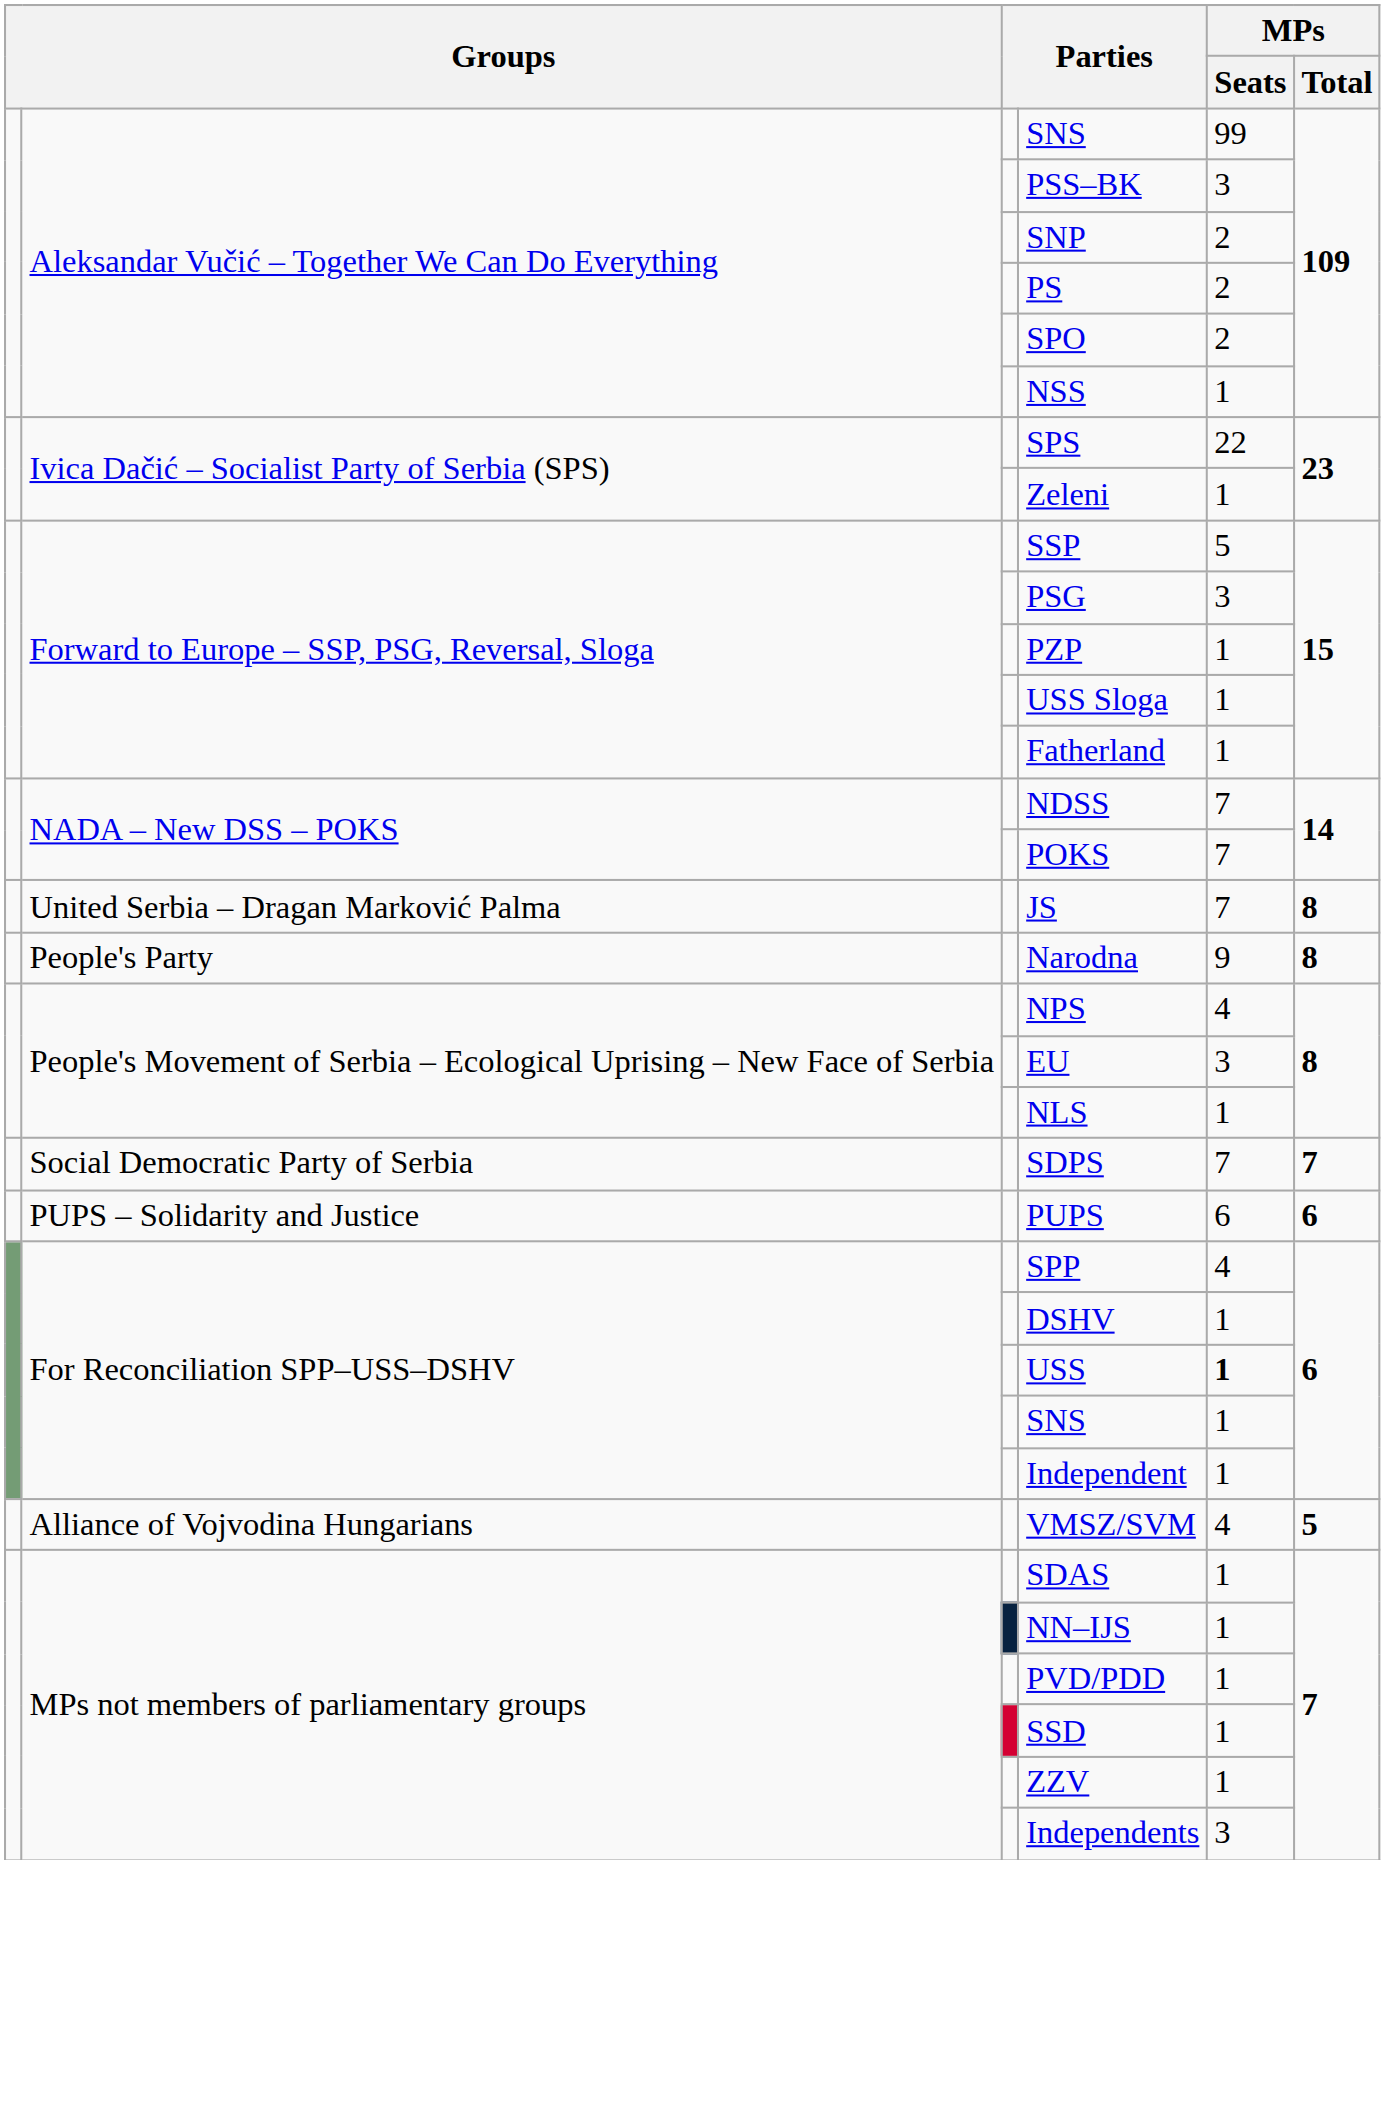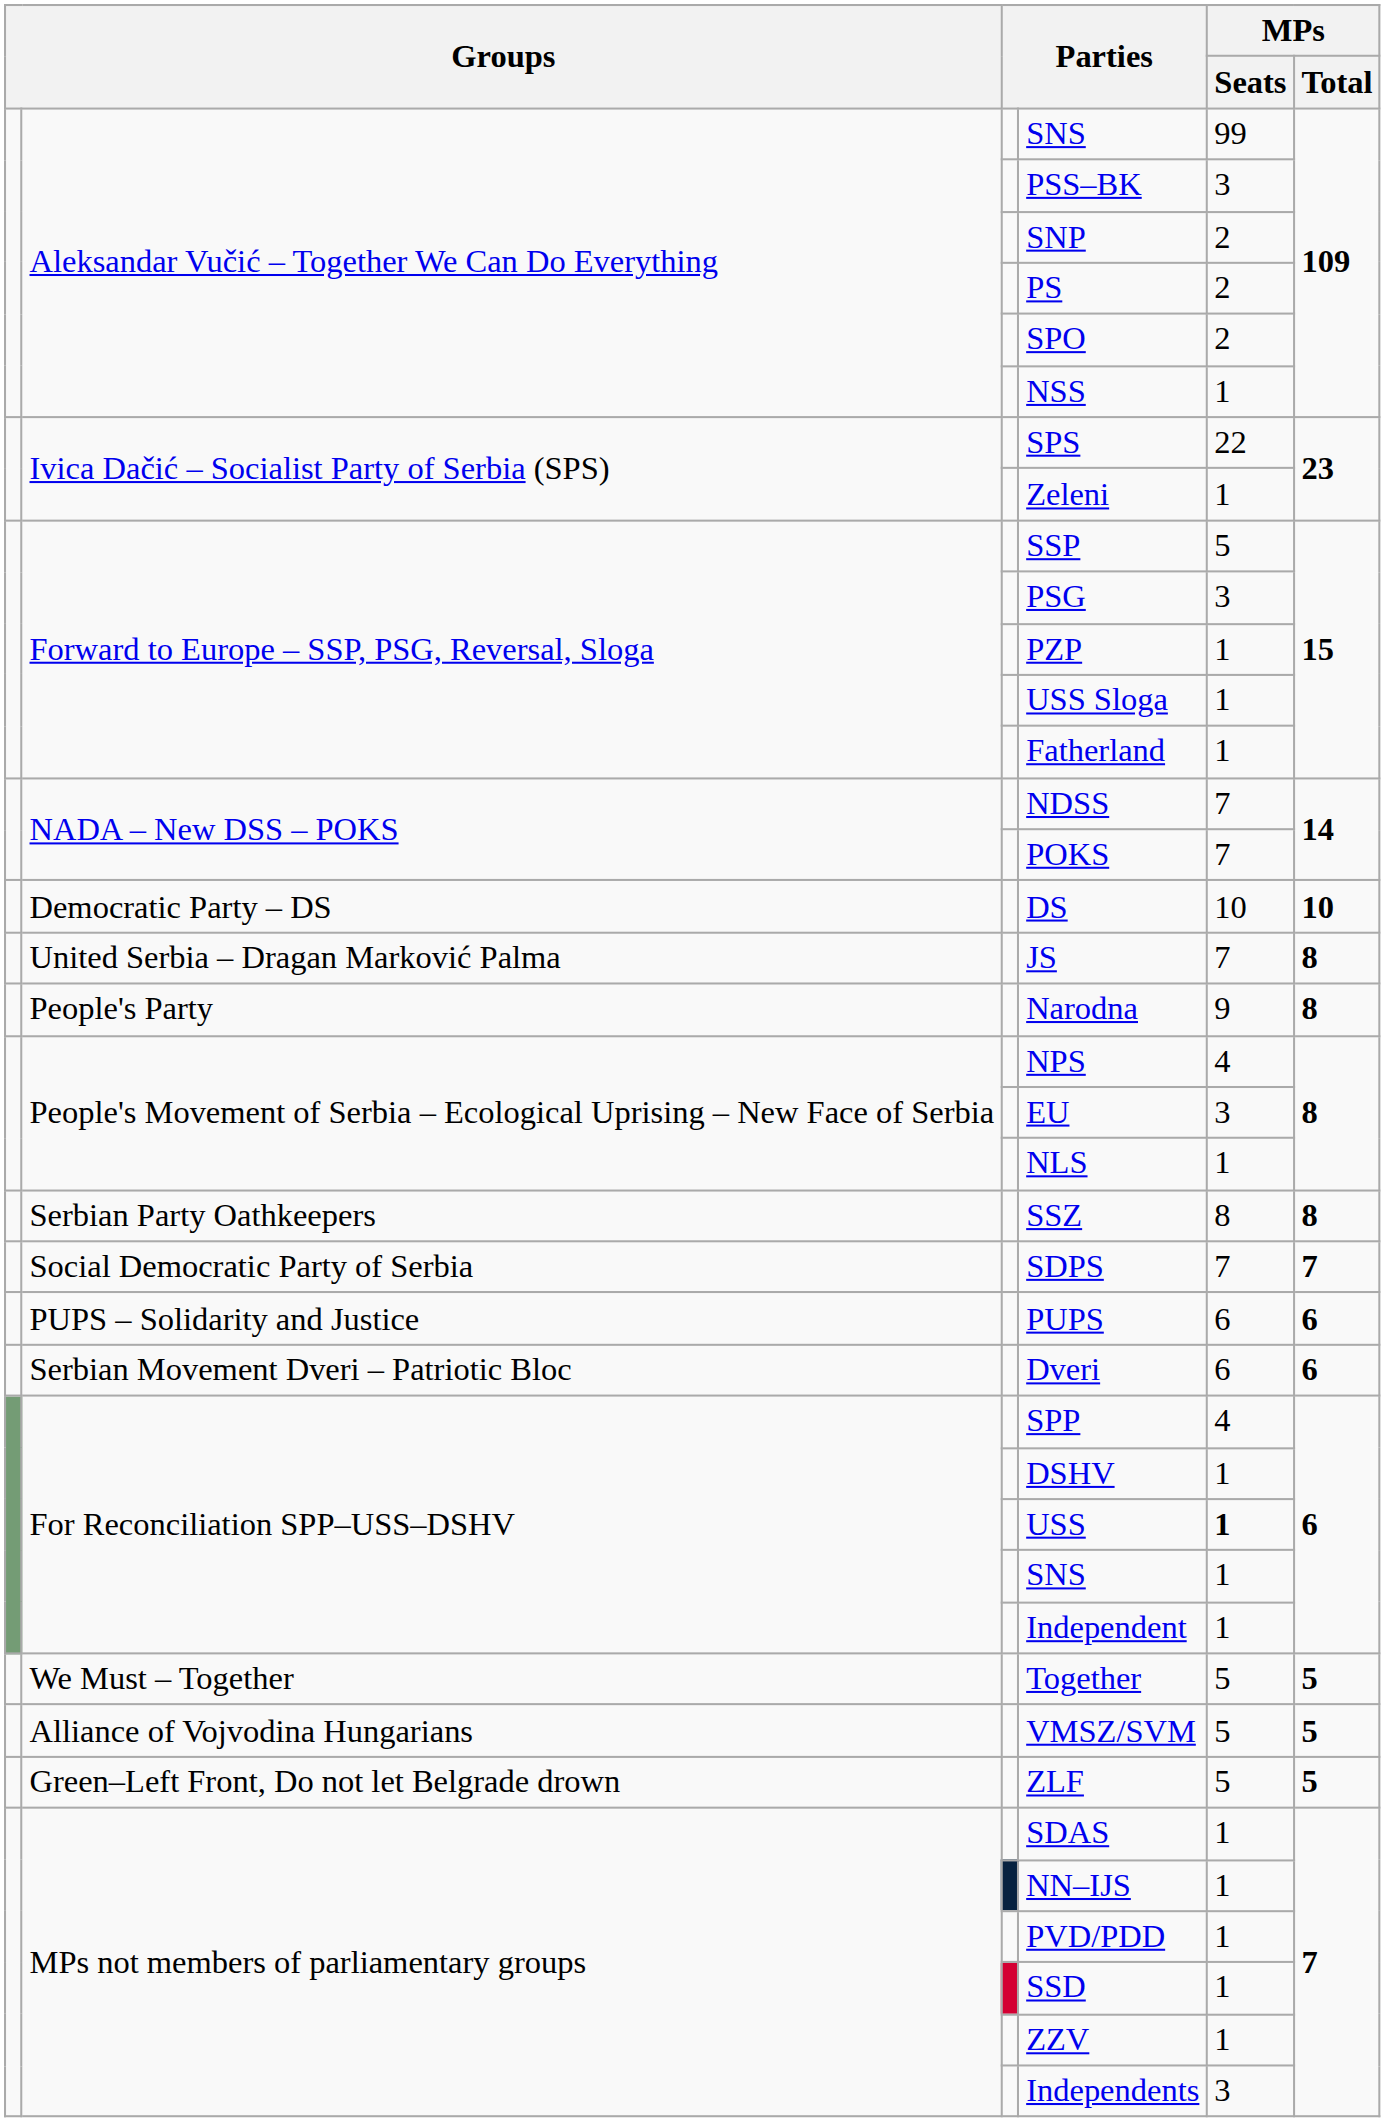 <table class="wikitable" style="text-align:left">
 <tr>
 <th rowspan="2" colspan="2">Groups</th>
 <th rowspan="2" colspan="2">Parties</th>
 <th colspan="2">MPs</th>
 </tr>
 <tr>
 <th>Seats</th>
 <th>Total</th>
 </tr>
 <tr>
 <td width="1" rowspan="6"></td>
 <td rowspan="6"><a href='#'>Aleksandar Vučić – Together We Can Do Everything</a></td>
 <td width="1"></td>
 <td><a href='#'>SNS</a></td>
 <td>99</td>
 <td rowspan="6"><strong>109</strong></td>
 </tr>
 <tr>
 <td></td>
 <td><a href='#'>PSS–BK</a></td>
 <td>3</td>
 </tr>
 <tr>
 <td></td>
 <td><a href='#'>SNP</a></td>
 <td>2</td>
 </tr>
 <tr>
 <td></td>
 <td><a href='#'>PS</a></td>
 <td>2</td>
 </tr>
 <tr>
 <td></td>
 <td><a href='#'>SPO</a></td>
 <td>2</td>
 </tr>
 <tr>
 <td></td>
 <td><a href='#'>NSS</a></td>
 <td>1</td>
 </tr>
 <tr>
 <td width="1" rowspan="2"></td>
 <td rowspan="2"><a href='#'>Ivica Dačić – Socialist Party of Serbia</a> (SPS)</td>
 <td width="1"></td>
 <td><a href='#'>SPS</a></td>
 <td>22</td>
 <td rowspan="2"><strong>23</strong></td>
 </tr>
 <tr>
 <td></td>
 <td><a href='#'>Zeleni</a></td>
 <td>1</td>
 </tr>
 <tr>
 <td width="1" rowspan="5"></td>
 <td rowspan="5"><a href='#'>Forward to Europe – SSP, PSG, Reversal, Sloga</a></td>
 <td width="1"></td>
 <td><a href='#'>SSP</a></td>
 <td>5</td>
 <td rowspan="5"><strong>15</strong></td>
 </tr>
 <tr>
 <td></td>
 <td><a href='#'>PSG</a></td>
 <td>3</td>
 </tr>
 <tr>
 <td></td>
 <td><a href='#'>PZP</a></td>
 <td>1</td>
 </tr>
 <tr>
 <td></td>
 <td><a href='#'>USS Sloga</a></td>
 <td>1</td>
 </tr>
 <tr>
 <td></td>
 <td><a href='#'>Fatherland</a></td>
 <td>1</td>
 </tr>
 <tr>
 <td width="1" rowspan="2"></td>
 <td rowspan="2"><a href='#'>NADA – New DSS – POKS</a></td>
 <td width="1"></td>
 <td><a href='#'>NDSS</a></td>
 <td>7</td>
 <td rowspan="2"><strong>14</strong></td>
 </tr>
 <tr>
 <td></td>
 <td><a href='#'>POKS</a></td>
 <td>7</td>
 </tr>
 <tr>
 <td></td>
+<td>Democratic Party – DS</td>
+<td></td>
+<td><a href='#'>DS</a></td>
+<td>10</td>
+<td><strong>10</strong></td>
+</tr>
+<tr>
+<td></td>
 <td>United Serbia – Dragan Marković Palma</td>
 <td></td>
 <td><a href='#'>JS</a></td>
 <td>7</td>
 <td><strong>8</strong></td>
 </tr>
 <tr>
 <td></td>
 <td>People's Party</td>
 <td></td>
 <td><a href='#'>Narodna</a></td>
 <td>9</td>
 <td><strong>8</strong></td>
 </tr>
 <tr>
 <td width="1" rowspan="3"></td>
 <td rowspan="3">People's Movement of Serbia – Ecological Uprising – New Face of Serbia</td>
 <td width="1"></td>
 <td><a href='#'>NPS</a></td>
 <td>4</td>
 <td rowspan="3"><strong>8</strong></td>
 </tr>
 <tr>
 <td></td>
 <td><a href='#'>EU</a></td>
 <td>3</td>
 </tr>
 <tr>
 <td></td>
 <td><a href='#'>NLS</a></td>
 <td>1</td>
 </tr>
 <tr>
 <td></td>
+<td>Serbian Party Oathkeepers</td>
+<td></td>
+<td><a href='#'>SSZ</a></td>
+<td>8</td>
+<td><strong>8</strong></td>
+</tr>
+<tr>
+<td></td>
 <td>Social Democratic Party of Serbia</td>
 <td></td>
 <td><a href='#'>SDPS</a></td>
 <td>7</td>
 <td><strong>7</strong></td>
 </tr>
 <tr>
 <td></td>
 <td>PUPS – Solidarity and Justice</td>
 <td></td>
 <td><a href='#'>PUPS</a></td>
+<td>6</td>
+<td><strong>6</strong></td>
+</tr>
+<tr>
+<td></td>
+<td>Serbian Movement Dveri – Patriotic Bloc</td>
+<td></td>
+<td><a href='#'>Dveri</a></td>
 <td>6</td>
 <td><strong>6</strong></td>
 </tr>
 <tr>
 <td width="1" rowspan="5" bgcolor="#749C75"></td>
 <td rowspan="5">For Reconciliation SPP–USS–DSHV</td>
 <td width="1"></td>
 <td><a href='#'>SPP</a></td>
 <td>4</td>
 <td rowspan="5"><strong>6</strong></td>
 </tr>
 <tr>
 <td></td>
 <td><a href='#'>DSHV</a></td>
 <td>1</td>
 </tr>
 <tr>
 <td></td>
 <td><a href='#'>USS</a></td>
 <td><strong>1</strong></td>
 </tr>
 <tr>
 <td></td>
 <td><a href='#'>SNS</a></td>
 <td>1</td>
 </tr>
 <tr>
 <td></td>
 <td><a href='#'>Independent</a></td>
 <td>1</td>
 </tr>
 <tr>
 <td></td>
+<td>We Must – Together</td>
+<td></td>
+<td><a href='#'>Together</a></td>
+<td>5</td>
+<td><strong>5</strong></td>
+</tr>
+<tr>
+<td></td>
 <td>Alliance of Vojvodina Hungarians</td>
 <td></td>
 <td><a href='#'>VMSZ/SVM</a></td>
-<td>4</td>
+<td>5</td>
+<td><strong>5</strong></td>
+</tr>
+<tr>
+<td></td>
+<td>Green–Left Front, Do not let Belgrade drown</td>
+<td></td>
+<td><a href='#'>ZLF</a></td>
+<td>5</td>
 <td><strong>5</strong></td>
 </tr>
 <tr>
 <td width="1" rowspan="6"></td>
 <td rowspan="6">MPs not members of parliamentary groups</td>
 <td width="1"></td>
 <td><a href='#'>SDAS</a></td>
 <td>1</td>
 <td rowspan="6"><strong>7</strong></td>
 </tr>
 <tr>
 <td bgcolor="#072240"></td>
 <td><a href='#'>NN–IJS</a></td>
 <td>1</td>
 </tr>
 <tr>
 <td></td>
 <td><a href='#'>PVD/PDD</a></td>
 <td>1</td>
 </tr>
 <tr>
 <td bgcolor="#D40033"></td>
 <td><a href='#'>SSD</a></td>
 <td>1</td>
 </tr>
 <tr>
 <td></td>
 <td><a href='#'>ZZV</a></td>
 <td>1</td>
 </tr>
 <tr>
 <td></td>
 <td><a href='#'>Independents</a></td>
 <td>3</td>
 </tr>
 </table>
